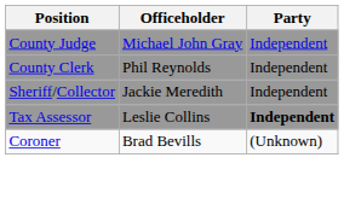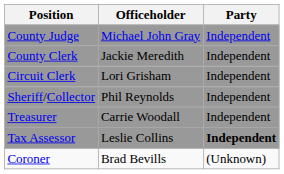 <table class="wikitable mw-collapsible">
 <tr>
 <th>Position</th>
 <th>Officeholder</th>
 <th>Party</th>
 </tr>
 <tr style="background-color: #999999;">
 <td><a href='#'>County Judge</a></td>
 <td><a href='#'>Michael John Gray</a></td>
 <td><a href='#'>Independent</a></td>
 </tr>
 <tr style="background-color: #999999;">
 <td><a href='#'>County Clerk</a></td>
+<td>Jackie Meredith</td>
+<td>Independent</td>
+</tr>
+<tr style="background-color: #999999;">
+<td><a href='#'>Circuit Clerk</a></td>
+<td>Lori Grisham</td>
+<td>Independent</td>
+</tr>
+<tr style="background-color: #999999;">
+<td><a href='#'>Sheriff</a>/<a href='#'>Collector</a></td>
 <td>Phil Reynolds</td>
 <td>Independent</td>
 </tr>
 <tr style="background-color: #999999;">
-<td><a href='#'>Sheriff</a>/<a href='#'>Collector</a></td>
-<td>Jackie Meredith</td>
+<td><a href='#'>Treasurer</a></td>
+<td>Carrie Woodall</td>
 <td>Independent</td>
 </tr>
 <tr style="background-color: #999999;">
 <td><a href='#'>Tax Assessor</a></td>
 <td>Leslie Collins</td>
 <td><strong>Independent</strong></td>
 </tr>
 <tr>
 <td><a href='#'>Coroner</a></td>
 <td>Brad Bevills</td>
 <td>(Unknown)</td>
 </tr>
 </table>
